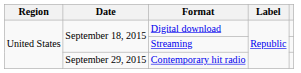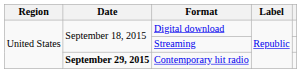 <table class="wikitable plainrowheaders">
 <tr>
 <th scope="col">Region</th>
 <th scope="col">Date</th>
 <th scope="col">Format</th>
 <th scope="col">Label</th>
 <th scope="col"></th>
 </tr>
 <tr>
 <td rowspan="3">United States</td>
 <td rowspan="2">September 18, 2015</td>
 <td><a href='#'>Digital download</a></td>
 <td rowspan="3"><a href='#'>Republic</a></td>
 <td></td>
 </tr>
 <tr>
 <td><a href='#'>Streaming</a></td>
 <td></td>
 </tr>
 <tr>
-<td>September 29, 2015</td>
+<td><strong>September 29, 2015</strong></td>
 <td><a href='#'>Contemporary hit radio</a></td>
 <td></td>
 </tr>
 </table>
